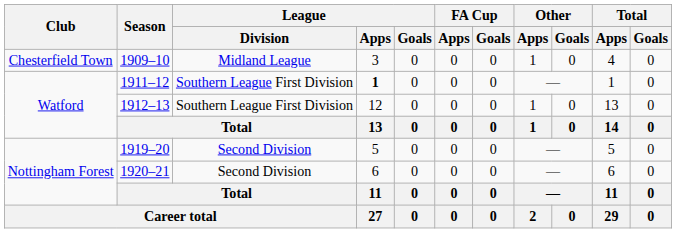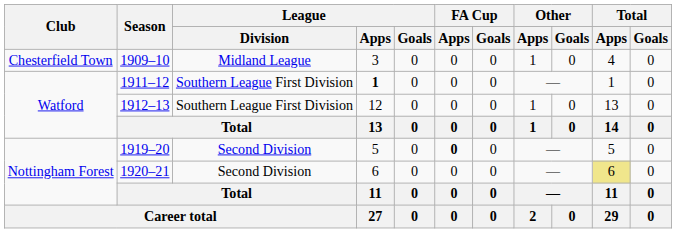 <table class="wikitable" style="text-align: center;">
 <tr>
 <th rowspan="2">Club</th>
 <th rowspan="2">Season</th>
 <th colspan="3">League</th>
 <th colspan="2">FA Cup</th>
 <th colspan="2">Other</th>
 <th colspan="2">Total</th>
 </tr>
 <tr>
 <th>Division</th>
 <th>Apps</th>
 <th>Goals</th>
 <th>Apps</th>
 <th>Goals</th>
 <th>Apps</th>
 <th>Goals</th>
 <th>Apps</th>
 <th>Goals</th>
 </tr>
 <tr>
 <td><a href='#'>Chesterfield Town</a></td>
 <td><a href='#'>1909–10</a></td>
 <td><a href='#'>Midland League</a></td>
 <td>3</td>
 <td>0</td>
 <td>0</td>
 <td>0</td>
 <td>1</td>
 <td>0</td>
 <td>4</td>
 <td>0</td>
 </tr>
 <tr>
 <td rowspan="3"><a href='#'>Watford</a></td>
 <td><a href='#'>1911–12</a></td>
 <td><a href='#'>Southern League</a> First Division</td>
 <td><strong>1</strong></td>
 <td>0</td>
 <td>0</td>
 <td>0</td>
 <td colspan="2">—</td>
 <td>1</td>
 <td>0</td>
 </tr>
 <tr>
 <td><a href='#'>1912–13</a></td>
 <td>Southern League First Division</td>
 <td>12</td>
 <td>0</td>
 <td>0</td>
 <td>0</td>
 <td>1</td>
 <td>0</td>
 <td>13</td>
 <td>0</td>
 </tr>
 <tr>
 <th colspan="2">Total</th>
 <th>13</th>
 <th>0</th>
 <th>0</th>
 <th>0</th>
 <th>1</th>
 <th>0</th>
 <th>14</th>
 <th>0</th>
 </tr>
 <tr>
 <td rowspan="3"><a href='#'>Nottingham Forest</a></td>
 <td><a href='#'>1919–20</a></td>
 <td><a href='#'>Second Division</a></td>
 <td>5</td>
 <td>0</td>
-<td>0</td>
+<td><strong>0</strong></td>
 <td>0</td>
 <td colspan="2">—</td>
 <td>5</td>
 <td>0</td>
 </tr>
 <tr>
 <td><a href='#'>1920–21</a></td>
 <td>Second Division</td>
 <td>6</td>
 <td>0</td>
 <td>0</td>
 <td>0</td>
 <td colspan="2">—</td>
-<td>6</td>
+<td style="background: khaki;">6</td>
 <td>0</td>
 </tr>
 <tr>
 <th colspan="2">Total</th>
 <th>11</th>
 <th>0</th>
 <th>0</th>
 <th>0</th>
 <th colspan="2">—</th>
 <th>11</th>
 <th>0</th>
 </tr>
 <tr>
 <th colspan="3">Career total</th>
 <th>27</th>
 <th>0</th>
 <th>0</th>
 <th>0</th>
 <th>2</th>
 <th>0</th>
 <th>29</th>
 <th>0</th>
 </tr>
 </table>
